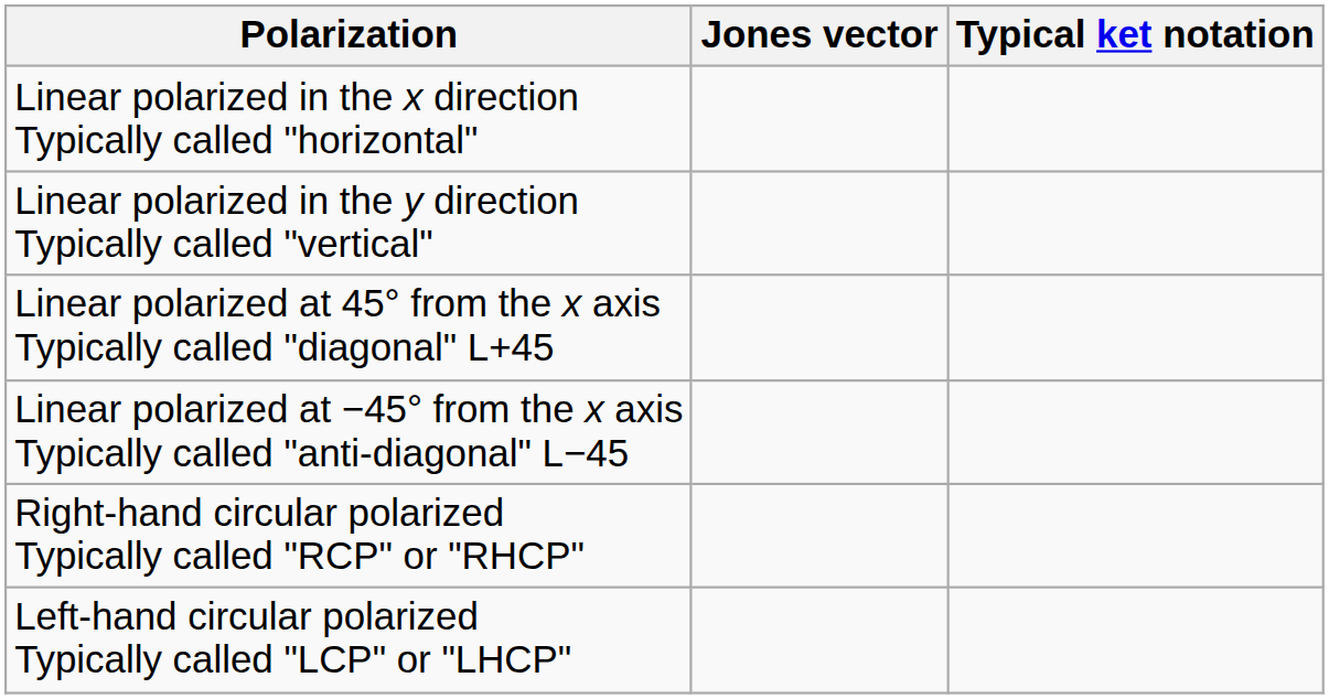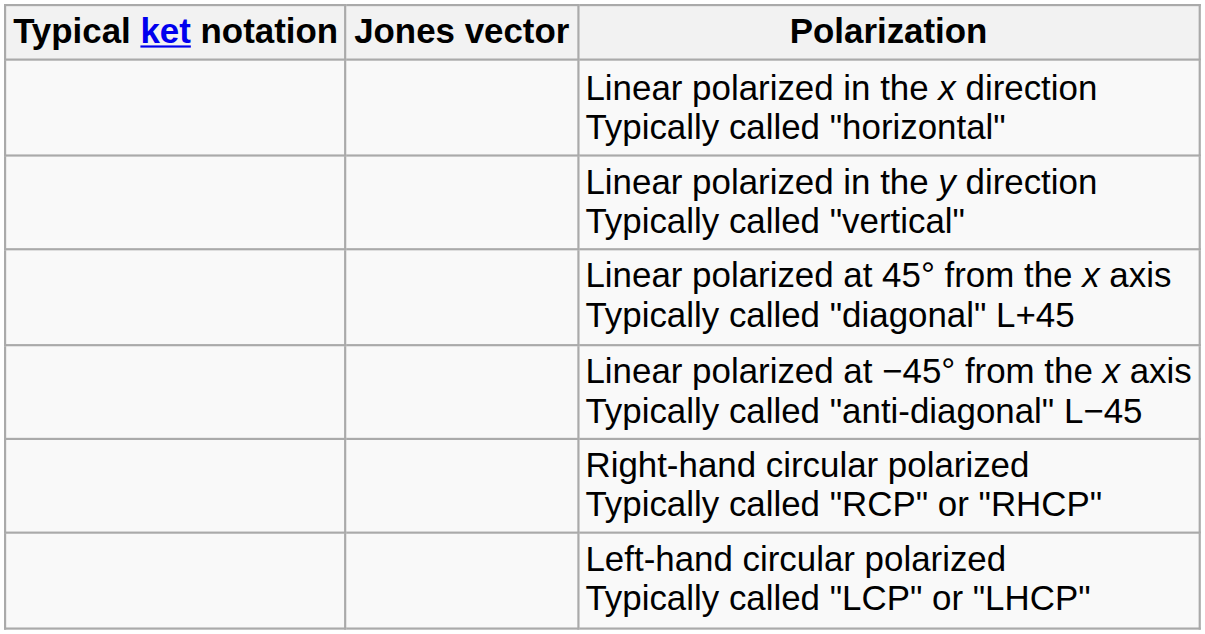 <table class="wikitable">
 <tr>
+<th>Typical <a href='#'>ket</a> notation</th>
+<th>Jones vector</th>
 <th>Polarization</th>
-<th>Jones vector</th>
-<th>Typical <a href='#'>ket</a> notation</th>
 </tr>
 <tr>
-<td>Linear polarized in the <em>x</em> direction<br>Typically called "horizontal"</td>
 <td></td>
 <td></td>
+<td>Linear polarized in the <em>x</em> direction<br>Typically called "horizontal"</td>
 </tr>
 <tr>
-<td>Linear polarized in the <em>y</em> direction<br>Typically called "vertical"</td>
 <td></td>
 <td></td>
+<td>Linear polarized in the <em>y</em> direction<br>Typically called "vertical"</td>
 </tr>
 <tr>
-<td>Linear polarized at 45° from the <em>x</em> axis<br>Typically called "diagonal" L+45</td>
 <td></td>
 <td></td>
+<td>Linear polarized at 45° from the <em>x</em> axis<br>Typically called "diagonal" L+45</td>
 </tr>
 <tr>
-<td>Linear polarized at −45° from the <em>x</em> axis<br>Typically called "anti-diagonal" L−45</td>
 <td></td>
 <td></td>
+<td>Linear polarized at −45° from the <em>x</em> axis<br>Typically called "anti-diagonal" L−45</td>
 </tr>
 <tr>
-<td>Right-hand circular polarized<br>Typically called "RCP" or "RHCP"</td>
 <td></td>
 <td></td>
+<td>Right-hand circular polarized<br>Typically called "RCP" or "RHCP"</td>
 </tr>
 <tr>
-<td>Left-hand circular polarized<br>Typically called "LCP" or "LHCP"</td>
 <td></td>
 <td></td>
+<td>Left-hand circular polarized<br>Typically called "LCP" or "LHCP"</td>
 </tr>
 </table>
